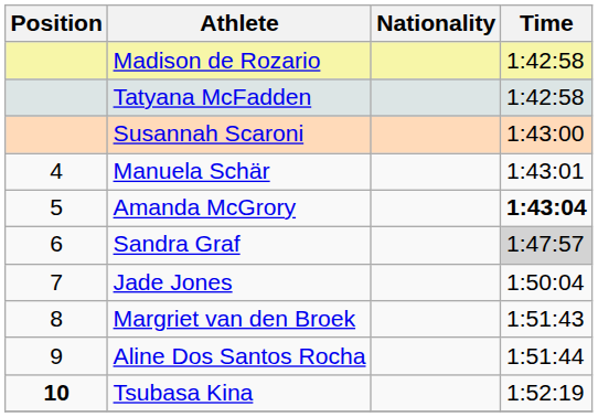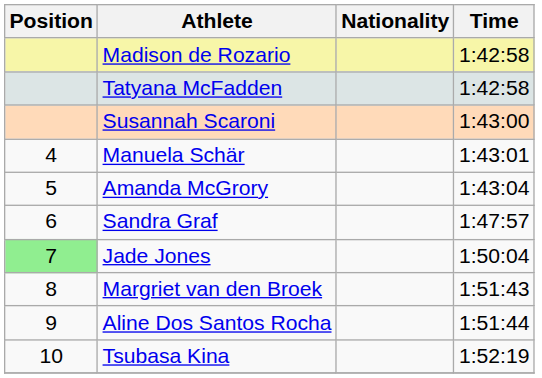 <table class="wikitable sortable">
 <tr>
 <th>Position</th>
 <th>Athlete</th>
 <th>Nationality</th>
 <th>Time</th>
 </tr>
 <tr bgcolor=#F7F6A8>
 <td align=center></td>
 <td><a href='#'>Madison de Rozario</a></td>
 <td></td>
 <td>1:42:58</td>
 </tr>
 <tr bgcolor=#DCE5E5>
 <td align=center></td>
 <td><a href='#'>Tatyana McFadden</a></td>
 <td></td>
 <td>1:42:58</td>
 </tr>
 <tr bgcolor=#FFDAB9>
 <td align=center></td>
 <td><a href='#'>Susannah Scaroni</a></td>
 <td></td>
 <td>1:43:00</td>
 </tr>
 <tr>
 <td align=center>4</td>
 <td><a href='#'>Manuela Schär</a></td>
 <td></td>
 <td>1:43:01</td>
 </tr>
 <tr>
 <td align=center>5</td>
 <td><a href='#'>Amanda McGrory</a></td>
 <td></td>
-<td><strong>1:43:04</strong></td>
+<td>1:43:04</td>
 </tr>
 <tr>
 <td align=center>6</td>
 <td><a href='#'>Sandra Graf</a></td>
 <td></td>
-<td style="background: lightgrey;">1:47:57</td>
+<td>1:47:57</td>
 </tr>
 <tr>
-<td align=center>7</td>
+<td align=center style="background: lightgreen;">7</td>
 <td><a href='#'>Jade Jones</a></td>
 <td></td>
 <td>1:50:04</td>
 </tr>
 <tr>
 <td align=center>8</td>
 <td><a href='#'>Margriet van den Broek</a></td>
 <td></td>
 <td>1:51:43</td>
 </tr>
 <tr>
 <td align=center>9</td>
 <td><a href='#'>Aline Dos Santos Rocha</a></td>
 <td></td>
 <td>1:51:44</td>
 </tr>
 <tr>
-<td align=center><strong>10</strong></td>
+<td align=center>10</td>
 <td><a href='#'>Tsubasa Kina</a></td>
 <td></td>
 <td>1:52:19</td>
 </tr>
 <tr>
 </tr>
 </table>
